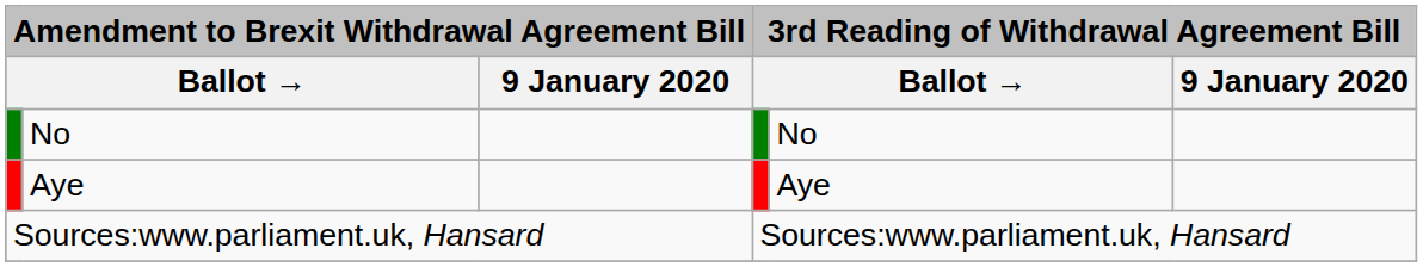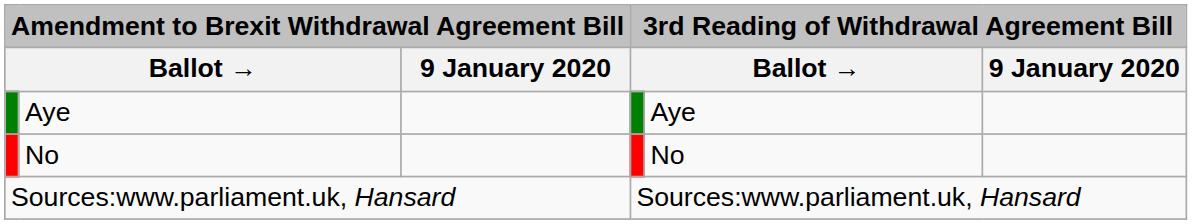 <table class="wikitable" style="text-align:center; font-size:98%;">
 <tr>
 <td colspan="3"  style="text-align:center; background:silver;"><strong>Amendment to Brexit Withdrawal Agreement Bill</strong></td>
 <td colspan="3"  style="text-align:center; background:silver;"><strong>3rd Reading of Withdrawal Agreement Bill</strong></td>
 </tr>
 <tr>
 <th colspan="2" style="width:200px;">Ballot →</th>
 <th>9 January 2020</th>
 <th colspan="2" style="width:200px;">Ballot →</th>
 <th>9 January 2020</th>
 </tr>
 <tr>
 <th style="width:1px; background:green;"></th>
-<td style="text-align:left;">No</td>
+<td style="text-align:left;">Aye</td>
 <td></td>
 <th style="width:1px; background:green;"></th>
-<td style="text-align:left;">No</td>
+<td style="text-align:left;">Aye</td>
 <td></td>
 </tr>
 <tr>
 <th style="background:red;"></th>
-<td style="text-align:left;">Aye</td>
+<td style="text-align:left;">No</td>
 <td></td>
 <th style="background:red;"></th>
-<td style="text-align:left;">Aye</td>
+<td style="text-align:left;">No</td>
 <td></td>
 </tr>
 <tr>
 <td colspan="3" style="text-align:left;">Sources:www.parliament.uk, <em>Hansard</em></td>
 <td colspan="3" style="text-align:left;">Sources:www.parliament.uk, <em>Hansard</em></td>
 </tr>
 </table>
